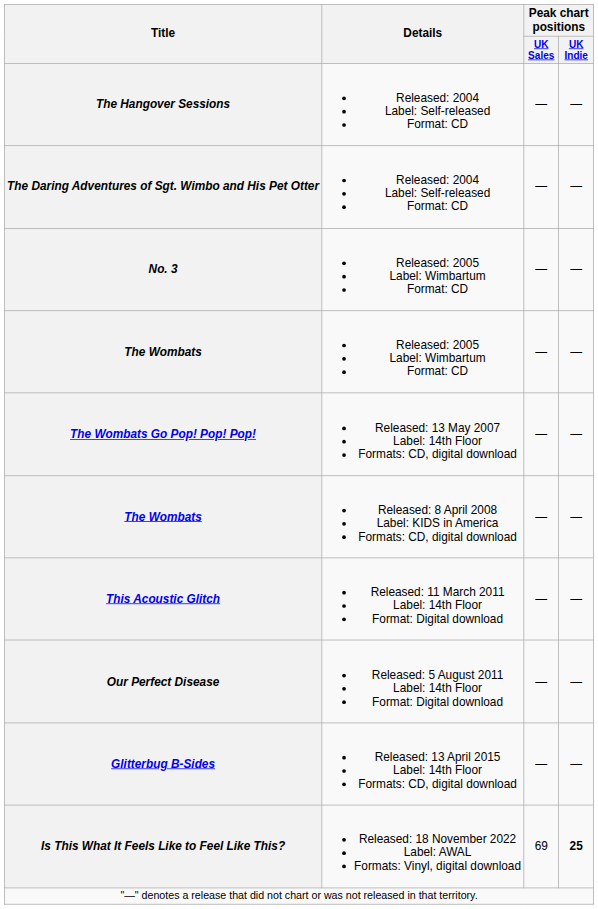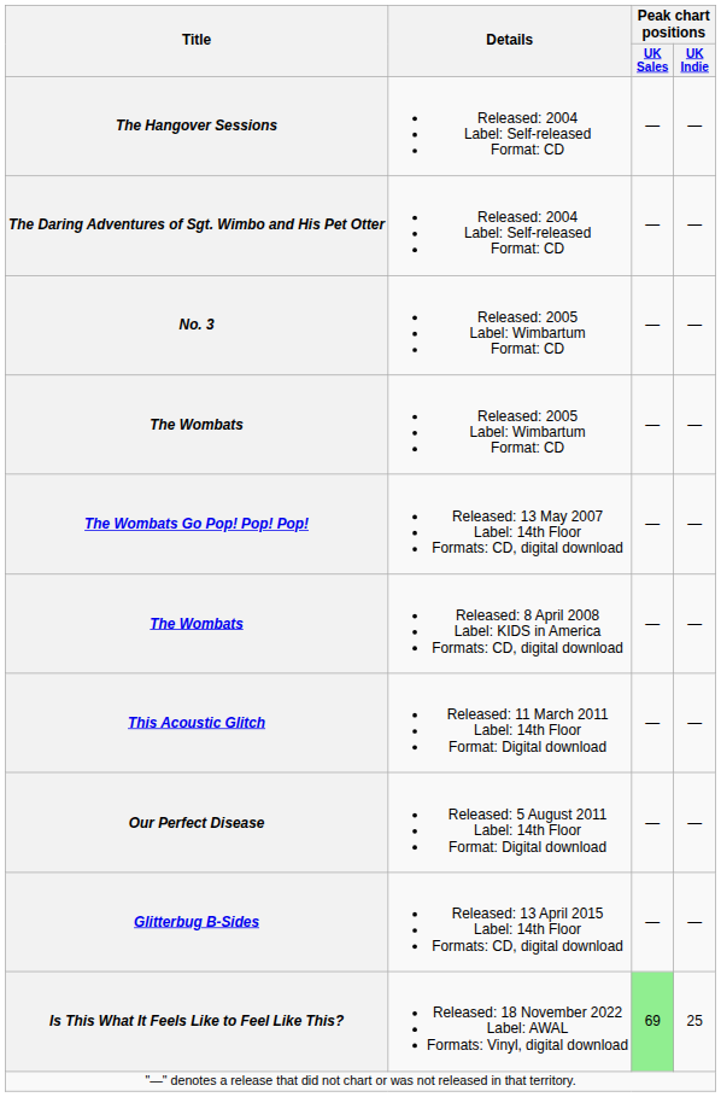 <table class="wikitable plainrowheaders" style="text-align:center;">
 <tr>
 <th scope="col" rowspan="2">Title</th>
 <th scope="col" rowspan="2">Details</th>
 <th scope="col" colspan="2">Peak chart positions</th>
 </tr>
 <tr>
 <th scope="col" style="width:3em;font-size:85%;"><a href='#'>UK<br>Sales</a><br></th>
 <th scope="col" style="width:3em;font-size:85%;"><a href='#'>UK<br>Indie</a><br></th>
 </tr>
 <tr>
 <th scope="row"><em>The Hangover Sessions</em></th>
 <td><br><ul><li>Released: 2004</li><li>Label: Self-released</li><li>Format: CD</li></ul></td>
 <td>—</td>
 <td>—</td>
 </tr>
 <tr>
 <th scope="row"><em>The Daring Adventures of Sgt. Wimbo and His Pet Otter</em></th>
 <td><br><ul><li>Released: 2004</li><li>Label: Self-released</li><li>Format: CD</li></ul></td>
 <td>—</td>
 <td>—</td>
 </tr>
 <tr>
 <th scope="row"><em>No. 3</em></th>
 <td><br><ul><li>Released: 2005</li><li>Label: Wimbartum</li><li>Format: CD</li></ul></td>
 <td>—</td>
 <td>—</td>
 </tr>
 <tr>
 <th scope="row"><em>The Wombats</em></th>
 <td><br><ul><li>Released: 2005</li><li>Label: Wimbartum</li><li>Format: CD</li></ul></td>
 <td>—</td>
 <td>—</td>
 </tr>
 <tr>
 <th scope="row"><em><a href='#'>The Wombats Go Pop! Pop! Pop!</a></em></th>
 <td><br><ul><li>Released: 13 May 2007</li><li>Label: 14th Floor</li><li>Formats: CD, digital download</li></ul></td>
 <td>—</td>
 <td>—</td>
 </tr>
 <tr>
 <th scope="row"><em><a href='#'>The Wombats</a></em></th>
 <td><br><ul><li>Released: 8 April 2008</li><li>Label: KIDS in America</li><li>Formats: CD, digital download</li></ul></td>
 <td>—</td>
 <td>—</td>
 </tr>
 <tr>
 <th scope="row"><em><a href='#'>This Acoustic Glitch</a></em></th>
 <td><br><ul><li>Released: 11 March 2011</li><li>Label: 14th Floor</li><li>Format: Digital download</li></ul></td>
 <td>—</td>
 <td>—</td>
 </tr>
 <tr>
 <th scope="row"><em>Our Perfect Disease</em></th>
 <td><br><ul><li>Released: 5 August 2011</li><li>Label: 14th Floor</li><li>Format: Digital download</li></ul></td>
 <td>—</td>
 <td>—</td>
 </tr>
 <tr>
 <th scope="row"><em><a href='#'>Glitterbug B-Sides</a></em></th>
 <td><br><ul><li>Released: 13 April 2015</li><li>Label: 14th Floor</li><li>Formats: CD, digital download</li></ul></td>
 <td>—</td>
 <td>—</td>
 </tr>
 <tr>
 <th scope="row"><em>Is This What It Feels Like to Feel Like This?</em></th>
 <td><br><ul><li>Released: 18 November 2022</li><li>Label: AWAL</li><li>Formats: Vinyl, digital download</li></ul></td>
-<td>69</td>
-<td><strong>25</strong></td>
+<td style="background: lightgreen;">69</td>
+<td>25</td>
 </tr>
 <tr>
 <td colspan="13" style="font-size:90%">"—" denotes a release that did not chart or was not released in that territory.</td>
 </tr>
 </table>
